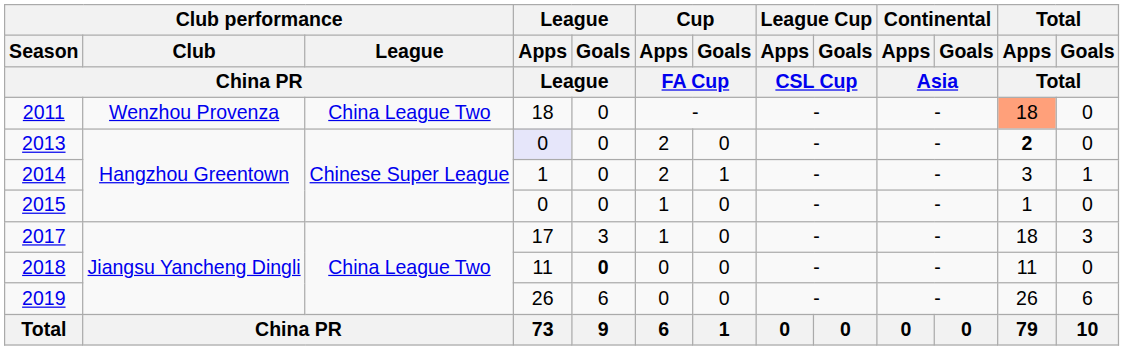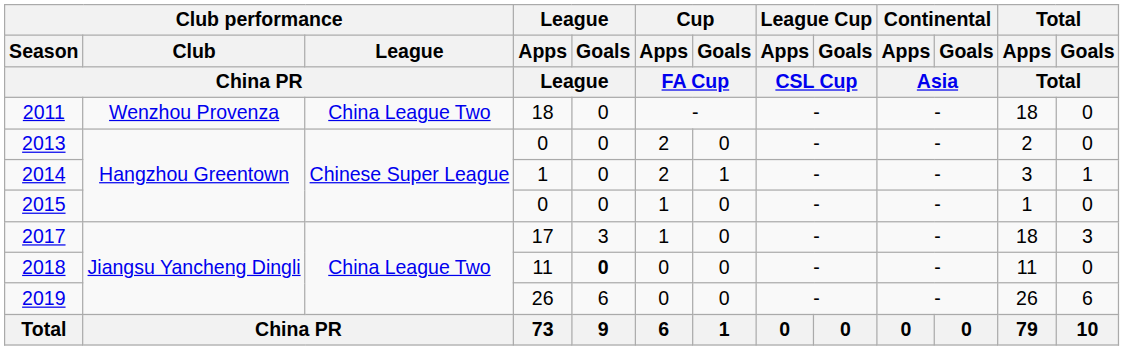 <table class="wikitable" style="text-align:center">
 <tr>
 <th colspan=3>Club performance</th>
 <th colspan=2>League</th>
 <th colspan=2>Cup</th>
 <th colspan=2>League Cup</th>
 <th colspan=2>Continental</th>
 <th colspan=2>Total</th>
 </tr>
 <tr>
 <th>Season</th>
 <th>Club</th>
 <th>League</th>
 <th>Apps</th>
 <th>Goals</th>
 <th>Apps</th>
 <th>Goals</th>
 <th>Apps</th>
 <th>Goals</th>
 <th>Apps</th>
 <th>Goals</th>
 <th>Apps</th>
 <th>Goals</th>
 </tr>
 <tr>
 <th colspan=3>China PR</th>
 <th colspan=2>League</th>
 <th colspan=2><a href='#'>FA Cup</a></th>
 <th colspan=2><a href='#'>CSL Cup</a></th>
 <th colspan=2><a href='#'>Asia</a></th>
 <th colspan=2>Total</th>
 </tr>
 <tr>
 <td><a href='#'>2011</a></td>
 <td><a href='#'>Wenzhou Provenza</a></td>
 <td><a href='#'>China League Two</a></td>
 <td>18</td>
 <td>0</td>
 <td colspan="2">-</td>
 <td colspan="2">-</td>
 <td colspan="2">-</td>
-<td style="background: lightsalmon;">18</td>
+<td>18</td>
 <td>0</td>
 </tr>
 <tr>
 <td><a href='#'>2013</a></td>
 <td rowspan="3"><a href='#'>Hangzhou Greentown</a></td>
 <td rowspan="3"><a href='#'>Chinese Super League</a></td>
-<td style="background: lavender;">0</td>
+<td>0</td>
 <td>0</td>
 <td>2</td>
 <td>0</td>
 <td colspan="2">-</td>
 <td colspan="2">-</td>
-<td><strong>2</strong></td>
+<td>2</td>
 <td>0</td>
 </tr>
 <tr>
 <td><a href='#'>2014</a></td>
 <td>1</td>
 <td>0</td>
 <td>2</td>
 <td>1</td>
 <td colspan="2">-</td>
 <td colspan="2">-</td>
 <td>3</td>
 <td>1</td>
 </tr>
 <tr>
 <td><a href='#'>2015</a></td>
 <td>0</td>
 <td>0</td>
 <td>1</td>
 <td>0</td>
 <td colspan="2">-</td>
 <td colspan="2">-</td>
 <td>1</td>
 <td>0</td>
 </tr>
 <tr>
 <td><a href='#'>2017</a></td>
 <td rowspan="3"><a href='#'>Jiangsu Yancheng Dingli</a></td>
 <td rowspan="3"><a href='#'>China League Two</a></td>
 <td>17</td>
 <td>3</td>
 <td>1</td>
 <td>0</td>
 <td colspan="2">-</td>
 <td colspan="2">-</td>
 <td>18</td>
 <td>3</td>
 </tr>
 <tr>
 <td><a href='#'>2018</a></td>
 <td>11</td>
 <td><strong>0</strong></td>
 <td>0</td>
 <td>0</td>
 <td colspan="2">-</td>
 <td colspan="2">-</td>
 <td>11</td>
 <td>0</td>
 </tr>
 <tr>
 <td><a href='#'>2019</a></td>
 <td>26</td>
 <td>6</td>
 <td>0</td>
 <td>0</td>
 <td colspan="2">-</td>
 <td colspan="2">-</td>
 <td>26</td>
 <td>6</td>
 </tr>
 <tr>
 <th rowspan=3>Total</th>
 <th colspan=2>China PR</th>
 <th>73</th>
 <th>9</th>
 <th>6</th>
 <th>1</th>
 <th>0</th>
 <th>0</th>
 <th>0</th>
 <th>0</th>
 <th>79</th>
 <th>10</th>
 </tr>
 </table>
